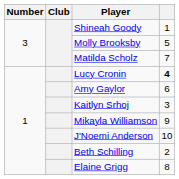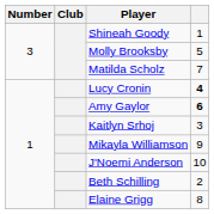 <table class="wikitable plainrowheaders" style=text-align:center>
 <tr>
 <th>Number</th>
 <th>Club</th>
 <th>Player</th>
 <th></th>
 </tr>
 <tr>
 <td rowspan=3>3</td>
 <th scope=row rowspan=3></th>
 <td align=left><a href='#'>Shineah Goody</a></td>
 <td>1</td>
 </tr>
 <tr>
 <td align=left><a href='#'>Molly Brooksby</a></td>
 <td>5</td>
 </tr>
 <tr>
 <td align=left><a href='#'>Matilda Scholz</a></td>
 <td>7</td>
 </tr>
 <tr>
 <td rowspan=7>1</td>
 <th scope=row></th>
 <td align=left><a href='#'>Lucy Cronin</a></td>
 <td><strong>4</strong></td>
 </tr>
 <tr>
 <th scope=row></th>
 <td align=left><a href='#'>Amy Gaylor</a></td>
-<td>6</td>
+<td><strong>6</strong></td>
 </tr>
 <tr>
 <th scope=row></th>
 <td align=left><a href='#'>Kaitlyn Srhoj</a></td>
 <td>3</td>
 </tr>
 <tr>
 <th scope=row></th>
 <td align=left><a href='#'>Mikayla Williamson</a></td>
 <td>9</td>
 </tr>
 <tr>
 <th scope=row></th>
 <td align=left><a href='#'>J'Noemi Anderson</a></td>
 <td>10</td>
 </tr>
 <tr>
 <th scope=row></th>
 <td align=left><a href='#'>Beth Schilling</a></td>
 <td>2</td>
 </tr>
 <tr>
 <th scope=row></th>
 <td align=left><a href='#'>Elaine Grigg</a></td>
 <td>8</td>
 </tr>
 </table>
